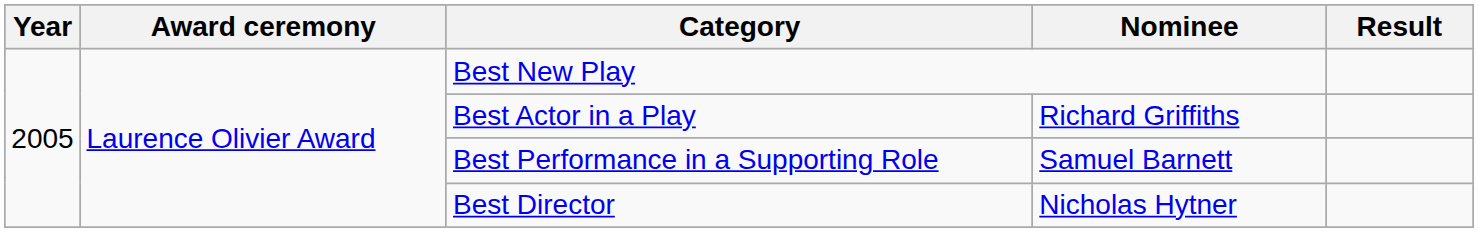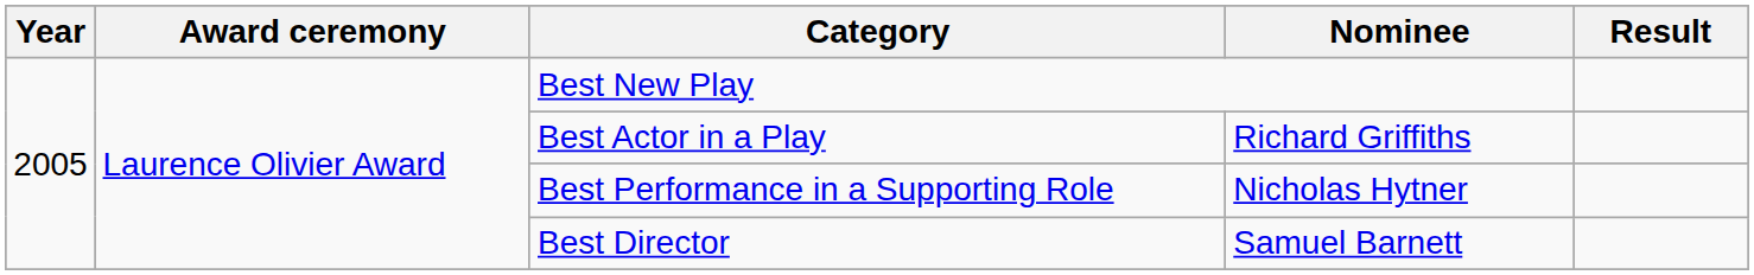 <table class="wikitable" width="95%">
 <tr>
 <th width="5%">Year</th>
 <th width="25%">Award ceremony</th>
 <th width="40%">Category</th>
 <th width="20%">Nominee</th>
 <th width="10%">Result</th>
 </tr>
 <tr>
 <td rowspan="4" align="center">2005</td>
 <td rowspan="4"><a href='#'>Laurence Olivier Award</a></td>
 <td colspan="2"><a href='#'>Best New Play</a></td>
 <td></td>
 </tr>
 <tr>
 <td><a href='#'>Best Actor in a Play</a></td>
 <td><a href='#'>Richard Griffiths</a></td>
 <td></td>
 </tr>
 <tr>
 <td><a href='#'>Best Performance in a Supporting Role</a></td>
-<td><a href='#'>Samuel Barnett</a></td>
+<td><a href='#'>Nicholas Hytner</a></td>
 <td></td>
 </tr>
 <tr>
 <td><a href='#'>Best Director</a></td>
-<td><a href='#'>Nicholas Hytner</a></td>
+<td><a href='#'>Samuel Barnett</a></td>
 <td></td>
 </tr>
 </table>
